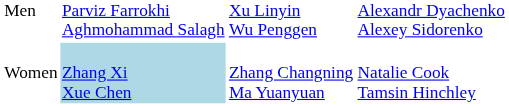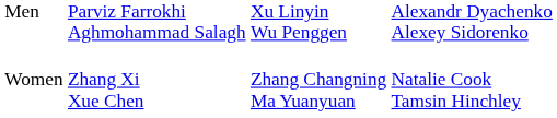 <table>
 <tr>
 <td>Men</td>
 <td><br><a href='#'>Parviz Farrokhi</a><br><a href='#'>Aghmohammad Salagh</a></td>
 <td><br><a href='#'>Xu Linyin</a><br><a href='#'>Wu Penggen</a></td>
 <td><br><a href='#'>Alexandr Dyachenko</a><br><a href='#'>Alexey Sidorenko</a></td>
 </tr>
 <tr>
 <td>Women</td>
-<td style="background: lightblue;"><br><a href='#'>Zhang Xi</a><br><a href='#'>Xue Chen</a></td>
+<td><br><a href='#'>Zhang Xi</a><br><a href='#'>Xue Chen</a></td>
 <td><br><a href='#'>Zhang Changning</a><br><a href='#'>Ma Yuanyuan</a></td>
 <td><br><a href='#'>Natalie Cook</a><br><a href='#'>Tamsin Hinchley</a></td>
 </tr>
 </table>
